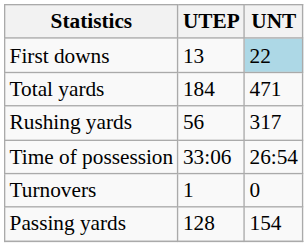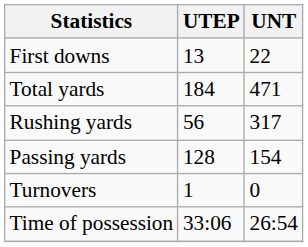 <table class="wikitable">
 <tr>
 <th>Statistics</th>
 <th>UTEP</th>
 <th>UNT</th>
 </tr>
 <tr>
 <td>First downs</td>
 <td>13</td>
-<td style="background: lightblue;">22</td>
+<td>22</td>
 </tr>
 <tr>
 <td>Total yards</td>
 <td>184</td>
 <td>471</td>
 </tr>
 <tr>
 <td>Rushing yards</td>
 <td>56</td>
 <td>317</td>
 </tr>
 <tr>
-<td>Time of possession</td>
-<td>33:06</td>
-<td>26:54</td>
+<td>Passing yards</td>
+<td>128</td>
+<td>154</td>
 </tr>
 <tr>
 <td>Turnovers</td>
 <td>1</td>
 <td>0</td>
 </tr>
 <tr>
-<td>Passing yards</td>
-<td>128</td>
-<td>154</td>
+<td>Time of possession</td>
+<td>33:06</td>
+<td>26:54</td>
 </tr>
 <tr>
 </tr>
 </table>
